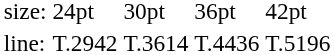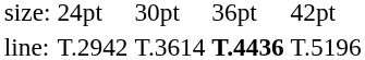 <table style="margin-left:40px;">
 <tr>
 <td>size:</td>
 <td>24pt</td>
 <td>30pt</td>
 <td>36pt</td>
 <td>42pt</td>
 </tr>
 <tr>
 <td>line:</td>
 <td>T.2942</td>
 <td>T.3614</td>
-<td>T.4436</td>
+<td><strong>T.4436</strong></td>
 <td>T.5196</td>
 </tr>
 </table>
